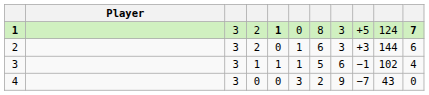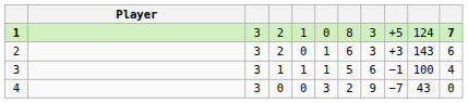 <table class="wikitable" style="text-align:center; margin: 1em auto 1em auto, align:left">
 <tr>
 <th width=20></th>
 <th width=240>Player</th>
 <th width=20></th>
 <th width=20></th>
 <th width=20></th>
 <th width=20></th>
 <th width=20></th>
 <th width=20></th>
 <th width=20></th>
 <th width=30></th>
 <th width=20></th>
 </tr>
 <tr style="background:#D0F0C0;">
 <td><strong>1</strong></td>
 <td align=left></td>
 <td>3</td>
 <td>2</td>
-<td><strong>1</strong></td>
+<td>1</td>
 <td>0</td>
 <td>8</td>
 <td>3</td>
 <td>+5</td>
 <td>124</td>
 <td><strong>7</strong></td>
 </tr>
 <tr style=>
 <td>2</td>
 <td align=left></td>
 <td>3</td>
 <td>2</td>
 <td>0</td>
 <td>1</td>
 <td>6</td>
 <td>3</td>
 <td>+3</td>
-<td>144</td>
+<td>143</td>
 <td>6</td>
 </tr>
 <tr style=>
 <td>3</td>
 <td align=left></td>
 <td>3</td>
 <td>1</td>
 <td>1</td>
 <td>1</td>
 <td>5</td>
 <td>6</td>
 <td>−1</td>
-<td>102</td>
+<td>100</td>
 <td>4</td>
 </tr>
 <tr style=>
 <td>4</td>
 <td align=left></td>
 <td>3</td>
 <td>0</td>
 <td>0</td>
 <td>3</td>
 <td>2</td>
 <td>9</td>
 <td>−7</td>
 <td>43</td>
 <td>0</td>
 </tr>
 </table>
